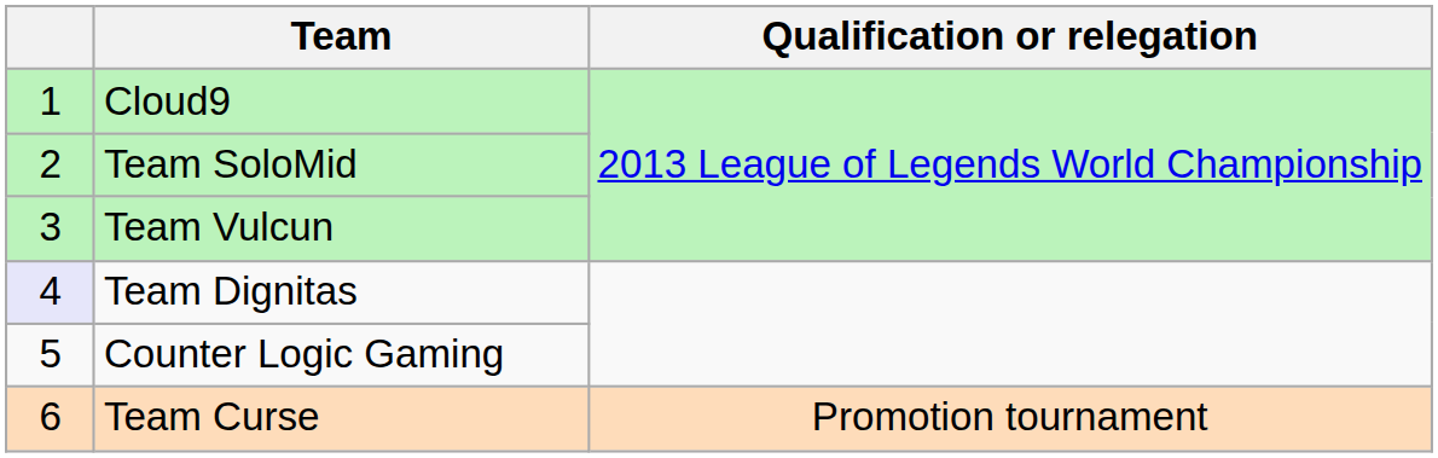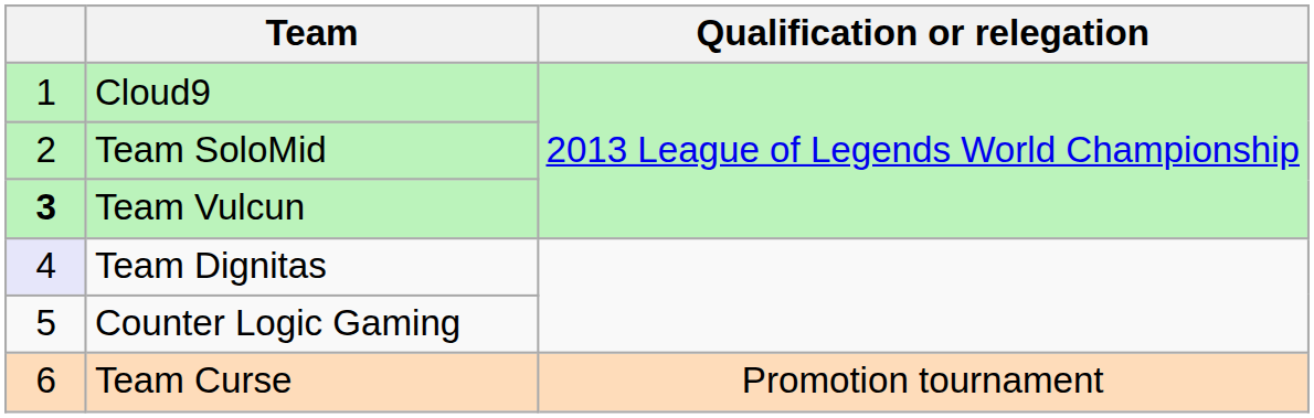 <table class="wikitable" style="text-align:center">
 <tr>
 <th width=28></th>
 <th width=190>Team</th>
 <th>Qualification or relegation</th>
 </tr>
 <tr style="background-color:#BBF3BB;">
 <td>1</td>
 <td style="text-align:left">Cloud9</td>
 <td rowspan="3"><a href='#'>2013 League of Legends World Championship</a></td>
 </tr>
 <tr style="background-color:#BBF3BB;">
 <td>2</td>
 <td style="text-align:left">Team SoloMid</td>
 </tr>
 <tr style="background-color:#BBF3BB;">
-<td>3</td>
+<td><strong>3</strong></td>
 <td style="text-align:left">Team Vulcun</td>
 </tr>
 <tr>
 <td style="background: lavender;">4</td>
 <td style="text-align:left">Team Dignitas</td>
 <td rowspan="2"></td>
 </tr>
 <tr>
 <td>5</td>
 <td style="text-align:left">Counter Logic Gaming</td>
 </tr>
 <tr style="background-color:#FEDCBA;">
 <td>6</td>
 <td style="text-align:left">Team Curse</td>
 <td>Promotion tournament</td>
 </tr>
 </table>
